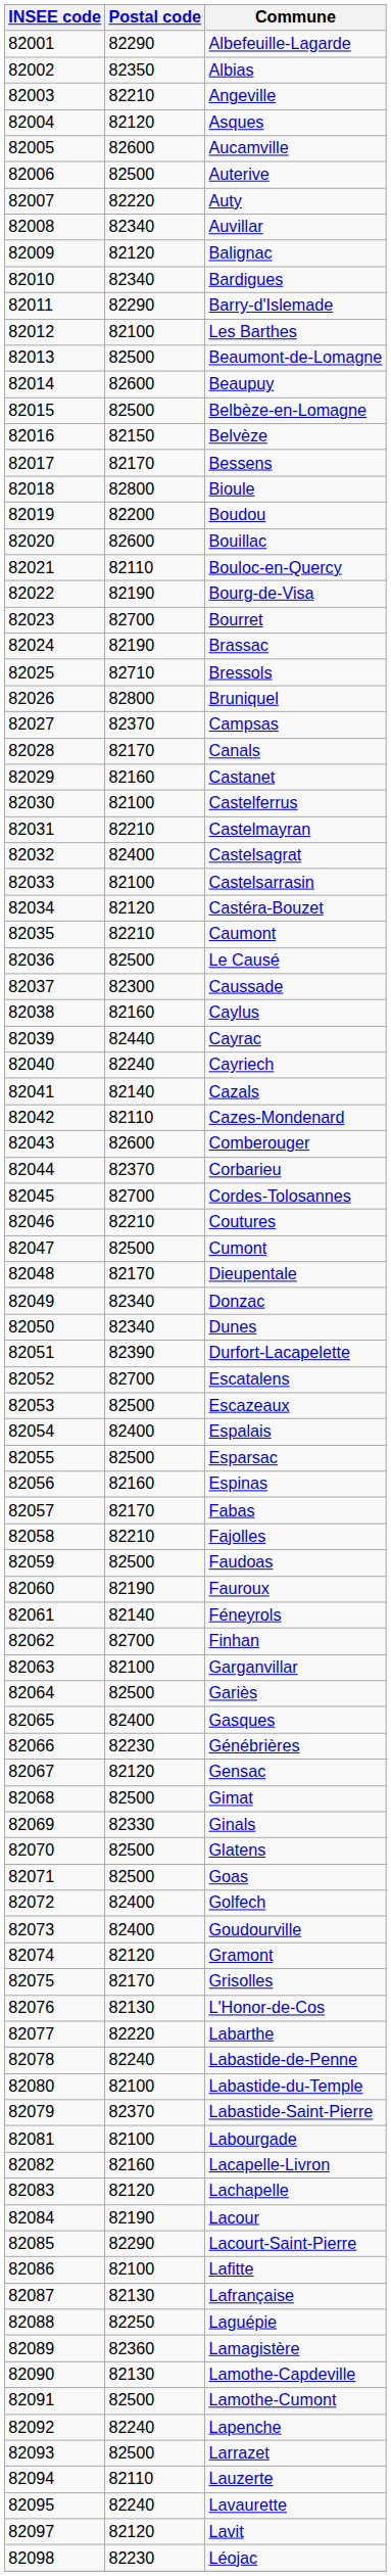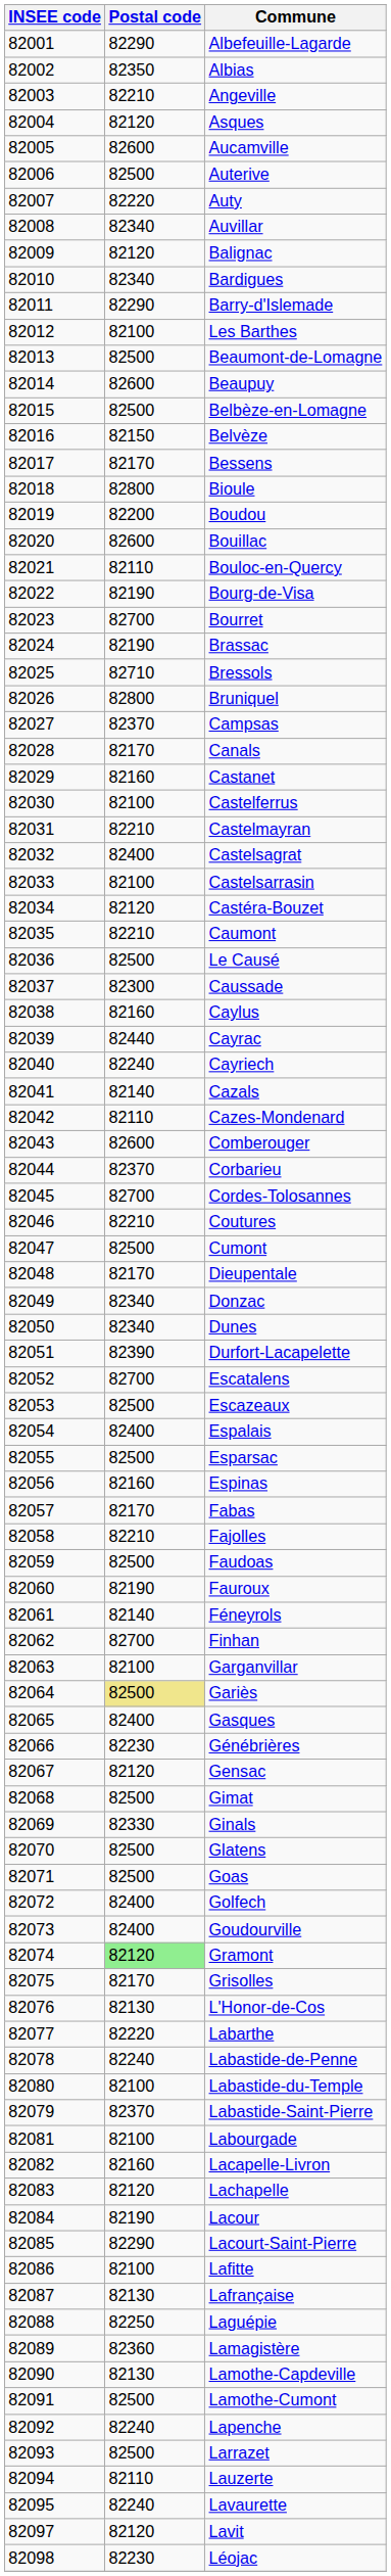 <table class="wikitable sortable">
 <tr>
 <th><a href='#'>INSEE code</a></th>
 <th><a href='#'>Postal code</a></th>
 <th>Commune</th>
 </tr>
 <tr>
 <td>82001</td>
 <td>82290</td>
 <td><a href='#'>Albefeuille-Lagarde</a></td>
 </tr>
 <tr>
 <td>82002</td>
 <td>82350</td>
 <td><a href='#'>Albias</a></td>
 </tr>
 <tr>
 <td>82003</td>
 <td>82210</td>
 <td><a href='#'>Angeville</a></td>
 </tr>
 <tr>
 <td>82004</td>
 <td>82120</td>
 <td><a href='#'>Asques</a></td>
 </tr>
 <tr>
 <td>82005</td>
 <td>82600</td>
 <td><a href='#'>Aucamville</a></td>
 </tr>
 <tr>
 <td>82006</td>
 <td>82500</td>
 <td><a href='#'>Auterive</a></td>
 </tr>
 <tr>
 <td>82007</td>
 <td>82220</td>
 <td><a href='#'>Auty</a></td>
 </tr>
 <tr>
 <td>82008</td>
 <td>82340</td>
 <td><a href='#'>Auvillar</a></td>
 </tr>
 <tr>
 <td>82009</td>
 <td>82120</td>
 <td><a href='#'>Balignac</a></td>
 </tr>
 <tr>
 <td>82010</td>
 <td>82340</td>
 <td><a href='#'>Bardigues</a></td>
 </tr>
 <tr>
 <td>82011</td>
 <td>82290</td>
 <td><a href='#'>Barry-d'Islemade</a></td>
 </tr>
 <tr>
 <td>82012</td>
 <td>82100</td>
 <td><a href='#'>Les Barthes</a></td>
 </tr>
 <tr>
 <td>82013</td>
 <td>82500</td>
 <td><a href='#'>Beaumont-de-Lomagne</a></td>
 </tr>
 <tr>
 <td>82014</td>
 <td>82600</td>
 <td><a href='#'>Beaupuy</a></td>
 </tr>
 <tr>
 <td>82015</td>
 <td>82500</td>
 <td><a href='#'>Belbèze-en-Lomagne</a></td>
 </tr>
 <tr>
 <td>82016</td>
 <td>82150</td>
 <td><a href='#'>Belvèze</a></td>
 </tr>
 <tr>
 <td>82017</td>
 <td>82170</td>
 <td><a href='#'>Bessens</a></td>
 </tr>
 <tr>
 <td>82018</td>
 <td>82800</td>
 <td><a href='#'>Bioule</a></td>
 </tr>
 <tr>
 <td>82019</td>
 <td>82200</td>
 <td><a href='#'>Boudou</a></td>
 </tr>
 <tr>
 <td>82020</td>
 <td>82600</td>
 <td><a href='#'>Bouillac</a></td>
 </tr>
 <tr>
 <td>82021</td>
 <td>82110</td>
 <td><a href='#'>Bouloc-en-Quercy</a></td>
 </tr>
 <tr>
 <td>82022</td>
 <td>82190</td>
 <td><a href='#'>Bourg-de-Visa</a></td>
 </tr>
 <tr>
 <td>82023</td>
 <td>82700</td>
 <td><a href='#'>Bourret</a></td>
 </tr>
 <tr>
 <td>82024</td>
 <td>82190</td>
 <td><a href='#'>Brassac</a></td>
 </tr>
 <tr>
 <td>82025</td>
 <td>82710</td>
 <td><a href='#'>Bressols</a></td>
 </tr>
 <tr>
 <td>82026</td>
 <td>82800</td>
 <td><a href='#'>Bruniquel</a></td>
 </tr>
 <tr>
 <td>82027</td>
 <td>82370</td>
 <td><a href='#'>Campsas</a></td>
 </tr>
 <tr>
 <td>82028</td>
 <td>82170</td>
 <td><a href='#'>Canals</a></td>
 </tr>
 <tr>
 <td>82029</td>
 <td>82160</td>
 <td><a href='#'>Castanet</a></td>
 </tr>
 <tr>
 <td>82030</td>
 <td>82100</td>
 <td><a href='#'>Castelferrus</a></td>
 </tr>
 <tr>
 <td>82031</td>
 <td>82210</td>
 <td><a href='#'>Castelmayran</a></td>
 </tr>
 <tr>
 <td>82032</td>
 <td>82400</td>
 <td><a href='#'>Castelsagrat</a></td>
 </tr>
 <tr>
 <td>82033</td>
 <td>82100</td>
 <td><a href='#'>Castelsarrasin</a></td>
 </tr>
 <tr>
 <td>82034</td>
 <td>82120</td>
 <td><a href='#'>Castéra-Bouzet</a></td>
 </tr>
 <tr>
 <td>82035</td>
 <td>82210</td>
 <td><a href='#'>Caumont</a></td>
 </tr>
 <tr>
 <td>82036</td>
 <td>82500</td>
 <td><a href='#'>Le Causé</a></td>
 </tr>
 <tr>
 <td>82037</td>
 <td>82300</td>
 <td><a href='#'>Caussade</a></td>
 </tr>
 <tr>
 <td>82038</td>
 <td>82160</td>
 <td><a href='#'>Caylus</a></td>
 </tr>
 <tr>
 <td>82039</td>
 <td>82440</td>
 <td><a href='#'>Cayrac</a></td>
 </tr>
 <tr>
 <td>82040</td>
 <td>82240</td>
 <td><a href='#'>Cayriech</a></td>
 </tr>
 <tr>
 <td>82041</td>
 <td>82140</td>
 <td><a href='#'>Cazals</a></td>
 </tr>
 <tr>
 <td>82042</td>
 <td>82110</td>
 <td><a href='#'>Cazes-Mondenard</a></td>
 </tr>
 <tr>
 <td>82043</td>
 <td>82600</td>
 <td><a href='#'>Comberouger</a></td>
 </tr>
 <tr>
 <td>82044</td>
 <td>82370</td>
 <td><a href='#'>Corbarieu</a></td>
 </tr>
 <tr>
 <td>82045</td>
 <td>82700</td>
 <td><a href='#'>Cordes-Tolosannes</a></td>
 </tr>
 <tr>
 <td>82046</td>
 <td>82210</td>
 <td><a href='#'>Coutures</a></td>
 </tr>
 <tr>
 <td>82047</td>
 <td>82500</td>
 <td><a href='#'>Cumont</a></td>
 </tr>
 <tr>
 <td>82048</td>
 <td>82170</td>
 <td><a href='#'>Dieupentale</a></td>
 </tr>
 <tr>
 <td>82049</td>
 <td>82340</td>
 <td><a href='#'>Donzac</a></td>
 </tr>
 <tr>
 <td>82050</td>
 <td>82340</td>
 <td><a href='#'>Dunes</a></td>
 </tr>
 <tr>
 <td>82051</td>
 <td>82390</td>
 <td><a href='#'>Durfort-Lacapelette</a></td>
 </tr>
 <tr>
 <td>82052</td>
 <td>82700</td>
 <td><a href='#'>Escatalens</a></td>
 </tr>
 <tr>
 <td>82053</td>
 <td>82500</td>
 <td><a href='#'>Escazeaux</a></td>
 </tr>
 <tr>
 <td>82054</td>
 <td>82400</td>
 <td><a href='#'>Espalais</a></td>
 </tr>
 <tr>
 <td>82055</td>
 <td>82500</td>
 <td><a href='#'>Esparsac</a></td>
 </tr>
 <tr>
 <td>82056</td>
 <td>82160</td>
 <td><a href='#'>Espinas</a></td>
 </tr>
 <tr>
 <td>82057</td>
 <td>82170</td>
 <td><a href='#'>Fabas</a></td>
 </tr>
 <tr>
 <td>82058</td>
 <td>82210</td>
 <td><a href='#'>Fajolles</a></td>
 </tr>
 <tr>
 <td>82059</td>
 <td>82500</td>
 <td><a href='#'>Faudoas</a></td>
 </tr>
 <tr>
 <td>82060</td>
 <td>82190</td>
 <td><a href='#'>Fauroux</a></td>
 </tr>
 <tr>
 <td>82061</td>
 <td>82140</td>
 <td><a href='#'>Féneyrols</a></td>
 </tr>
 <tr>
 <td>82062</td>
 <td>82700</td>
 <td><a href='#'>Finhan</a></td>
 </tr>
 <tr>
 <td>82063</td>
 <td>82100</td>
 <td><a href='#'>Garganvillar</a></td>
 </tr>
 <tr>
 <td>82064</td>
-<td>82500</td>
+<td style="background: khaki;">82500</td>
 <td><a href='#'>Gariès</a></td>
 </tr>
 <tr>
 <td>82065</td>
 <td>82400</td>
 <td><a href='#'>Gasques</a></td>
 </tr>
 <tr>
 <td>82066</td>
 <td>82230</td>
 <td><a href='#'>Génébrières</a></td>
 </tr>
 <tr>
 <td>82067</td>
 <td>82120</td>
 <td><a href='#'>Gensac</a></td>
 </tr>
 <tr>
 <td>82068</td>
 <td>82500</td>
 <td><a href='#'>Gimat</a></td>
 </tr>
 <tr>
 <td>82069</td>
 <td>82330</td>
 <td><a href='#'>Ginals</a></td>
 </tr>
 <tr>
 <td>82070</td>
 <td>82500</td>
 <td><a href='#'>Glatens</a></td>
 </tr>
 <tr>
 <td>82071</td>
 <td>82500</td>
 <td><a href='#'>Goas</a></td>
 </tr>
 <tr>
 <td>82072</td>
 <td>82400</td>
 <td><a href='#'>Golfech</a></td>
 </tr>
 <tr>
 <td>82073</td>
 <td>82400</td>
 <td><a href='#'>Goudourville</a></td>
 </tr>
 <tr>
 <td>82074</td>
-<td>82120</td>
+<td style="background: lightgreen;">82120</td>
 <td><a href='#'>Gramont</a></td>
 </tr>
 <tr>
 <td>82075</td>
 <td>82170</td>
 <td><a href='#'>Grisolles</a></td>
 </tr>
 <tr>
 <td>82076</td>
 <td>82130</td>
 <td><a href='#'>L'Honor-de-Cos</a></td>
 </tr>
 <tr>
 <td>82077</td>
 <td>82220</td>
 <td><a href='#'>Labarthe</a></td>
 </tr>
 <tr>
 <td>82078</td>
 <td>82240</td>
 <td><a href='#'>Labastide-de-Penne</a></td>
 </tr>
 <tr>
 <td>82080</td>
 <td>82100</td>
 <td><a href='#'>Labastide-du-Temple</a></td>
 </tr>
 <tr>
 <td>82079</td>
 <td>82370</td>
 <td><a href='#'>Labastide-Saint-Pierre</a></td>
 </tr>
 <tr>
 <td>82081</td>
 <td>82100</td>
 <td><a href='#'>Labourgade</a></td>
 </tr>
 <tr>
 <td>82082</td>
 <td>82160</td>
 <td><a href='#'>Lacapelle-Livron</a></td>
 </tr>
 <tr>
 <td>82083</td>
 <td>82120</td>
 <td><a href='#'>Lachapelle</a></td>
 </tr>
 <tr>
 <td>82084</td>
 <td>82190</td>
 <td><a href='#'>Lacour</a></td>
 </tr>
 <tr>
 <td>82085</td>
 <td>82290</td>
 <td><a href='#'>Lacourt-Saint-Pierre</a></td>
 </tr>
 <tr>
 <td>82086</td>
 <td>82100</td>
 <td><a href='#'>Lafitte</a></td>
 </tr>
 <tr>
 <td>82087</td>
 <td>82130</td>
 <td><a href='#'>Lafrançaise</a></td>
 </tr>
 <tr>
 <td>82088</td>
 <td>82250</td>
 <td><a href='#'>Laguépie</a></td>
 </tr>
 <tr>
 <td>82089</td>
 <td>82360</td>
 <td><a href='#'>Lamagistère</a></td>
 </tr>
 <tr>
 <td>82090</td>
 <td>82130</td>
 <td><a href='#'>Lamothe-Capdeville</a></td>
 </tr>
 <tr>
 <td>82091</td>
 <td>82500</td>
 <td><a href='#'>Lamothe-Cumont</a></td>
 </tr>
 <tr>
 <td>82092</td>
 <td>82240</td>
 <td><a href='#'>Lapenche</a></td>
 </tr>
 <tr>
 <td>82093</td>
 <td>82500</td>
 <td><a href='#'>Larrazet</a></td>
 </tr>
 <tr>
 <td>82094</td>
 <td>82110</td>
 <td><a href='#'>Lauzerte</a></td>
 </tr>
 <tr>
 <td>82095</td>
 <td>82240</td>
 <td><a href='#'>Lavaurette</a></td>
 </tr>
 <tr>
 <td>82097</td>
 <td>82120</td>
 <td><a href='#'>Lavit</a></td>
 </tr>
 <tr>
 <td>82098</td>
 <td>82230</td>
 <td><a href='#'>Léojac</a></td>
 </tr>
 <tr>
 </tr>
 </table>
